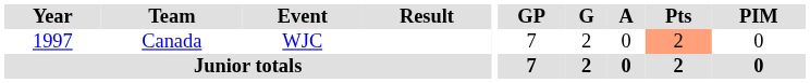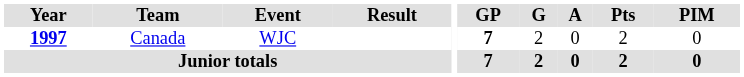 <table border="0" cellpadding="1" cellspacing="0" ID="Table3" style="text-align:center; width:40em">
 <tr ALIGN="center" bgcolor="#e0e0e0">
 <th>Year</th>
 <th>Team</th>
 <th>Event</th>
 <th>Result</th>
 <th rowspan="99" bgcolor="#ffffff"></th>
 <th>GP</th>
 <th>G</th>
 <th>A</th>
 <th>Pts</th>
 <th>PIM</th>
 </tr>
 <tr>
-<td><a href='#'>1997</a></td>
+<td><strong><a href='#'>1997</a></strong></td>
 <td><a href='#'>Canada</a></td>
 <td><a href='#'>WJC</a></td>
 <td></td>
-<td>7</td>
+<td><strong>7</strong></td>
 <td>2</td>
 <td>0</td>
-<td style="background: lightsalmon;">2</td>
+<td>2</td>
 <td>0</td>
 </tr>
 <tr bgcolor="#e0e0e0">
 <th colspan="4">Junior totals</th>
 <th>7</th>
 <th>2</th>
 <th>0</th>
 <th>2</th>
 <th>0</th>
 </tr>
 </table>
